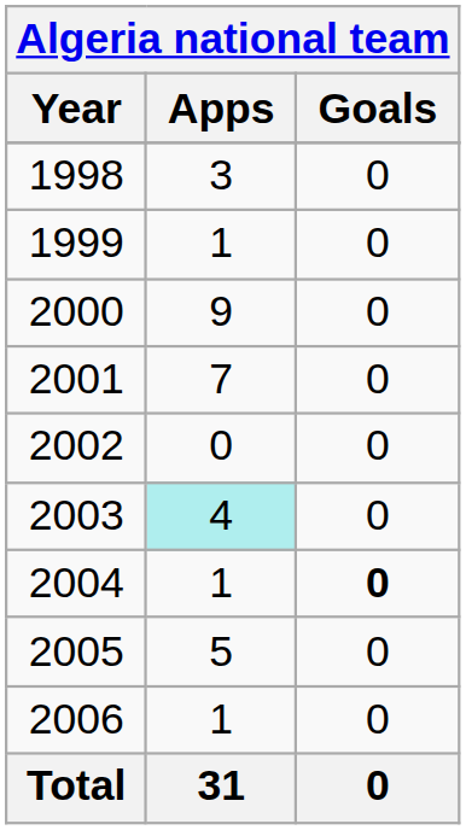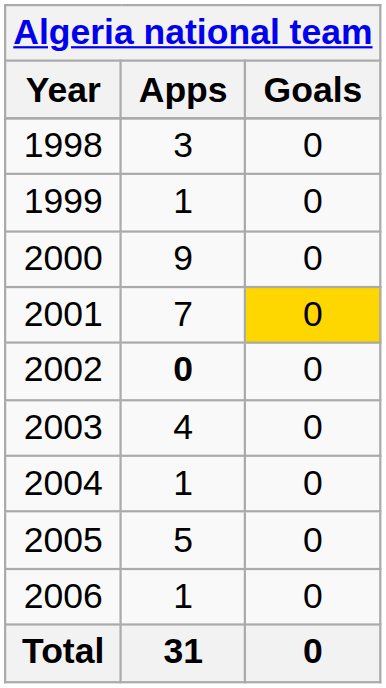 <table class="wikitable" style="text-align:center">
 <tr>
 <th colspan=3><a href='#'>Algeria national team</a></th>
 </tr>
 <tr>
 <th>Year</th>
 <th>Apps</th>
 <th>Goals</th>
 </tr>
 <tr>
 </tr>
 <tr>
 <td>1998</td>
 <td>3</td>
 <td>0</td>
 </tr>
 <tr>
 <td>1999</td>
 <td>1</td>
 <td>0</td>
 </tr>
 <tr>
 <td>2000</td>
 <td>9</td>
 <td>0</td>
 </tr>
 <tr>
 <td>2001</td>
 <td>7</td>
-<td>0</td>
+<td style="background: gold;">0</td>
 </tr>
 <tr>
 <td>2002</td>
-<td>0</td>
+<td><strong>0</strong></td>
 <td>0</td>
 </tr>
 <tr>
 <td>2003</td>
-<td style="background: paleturquoise;">4</td>
+<td>4</td>
 <td>0</td>
 </tr>
 <tr>
 <td>2004</td>
 <td>1</td>
-<td><strong>0</strong></td>
+<td>0</td>
 </tr>
 <tr>
 <td>2005</td>
 <td>5</td>
 <td>0</td>
 </tr>
 <tr>
 <td>2006</td>
 <td>1</td>
 <td>0</td>
 </tr>
 <tr>
 <th>Total</th>
 <th>31</th>
 <th>0</th>
 </tr>
 </table>
